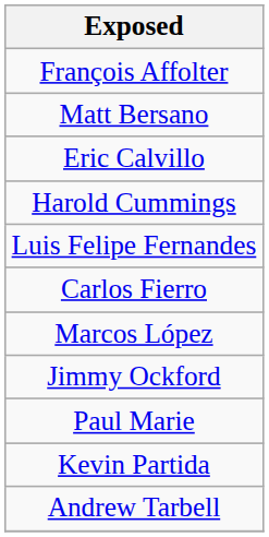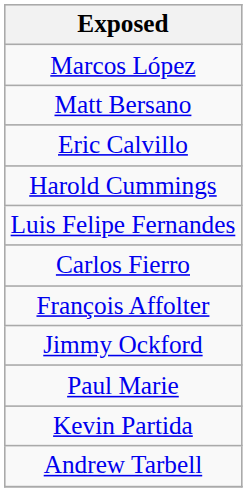 <table class="wikitable" style="text-align:center">
 <tr>
 <th>Exposed</th>
 </tr>
 <tr>
-<td><a href='#'>François Affolter</a></td>
+<td><a href='#'>Marcos López</a></td>
 </tr>
 <tr>
 <td><a href='#'>Matt Bersano</a></td>
 </tr>
 <tr>
 <td><a href='#'>Eric Calvillo</a></td>
 </tr>
 <tr>
 <td><a href='#'>Harold Cummings</a></td>
 </tr>
 <tr>
 <td><a href='#'>Luis Felipe Fernandes</a></td>
 </tr>
 <tr>
 <td><a href='#'>Carlos Fierro</a></td>
 </tr>
 <tr>
-<td><a href='#'>Marcos López</a></td>
+<td><a href='#'>François Affolter</a></td>
 </tr>
 <tr>
 <td><a href='#'>Jimmy Ockford</a></td>
 </tr>
 <tr>
 <td><a href='#'>Paul Marie</a></td>
 </tr>
 <tr>
 <td><a href='#'>Kevin Partida</a></td>
 </tr>
 <tr>
 <td><a href='#'>Andrew Tarbell</a></td>
 </tr>
 <tr>
 </tr>
 </table>
